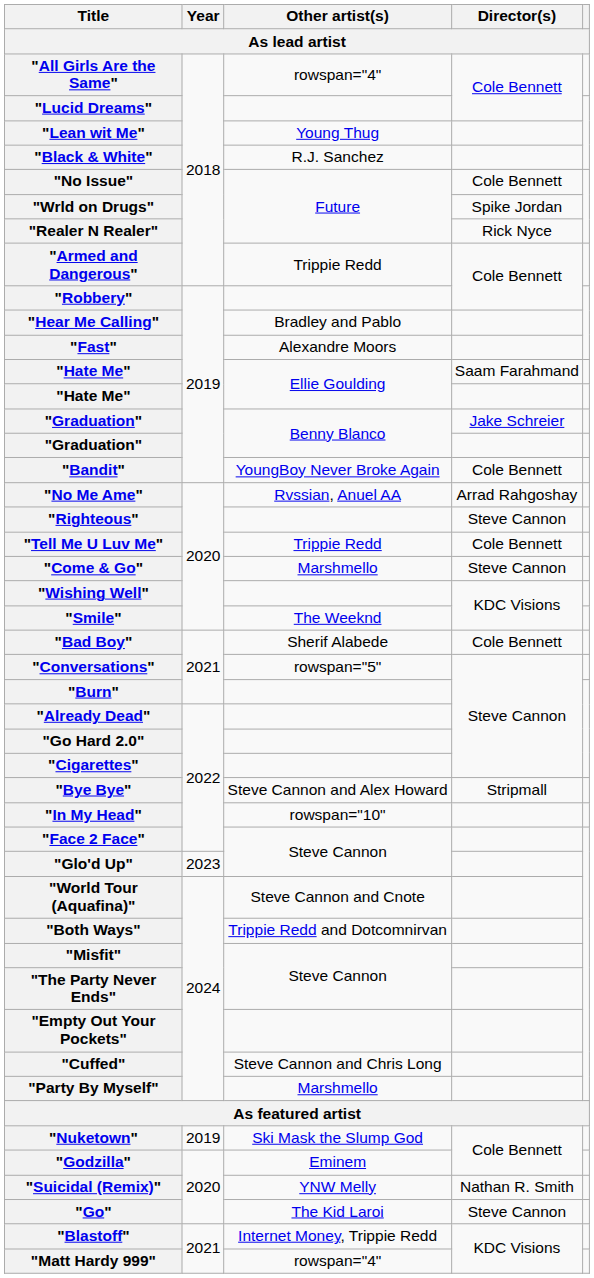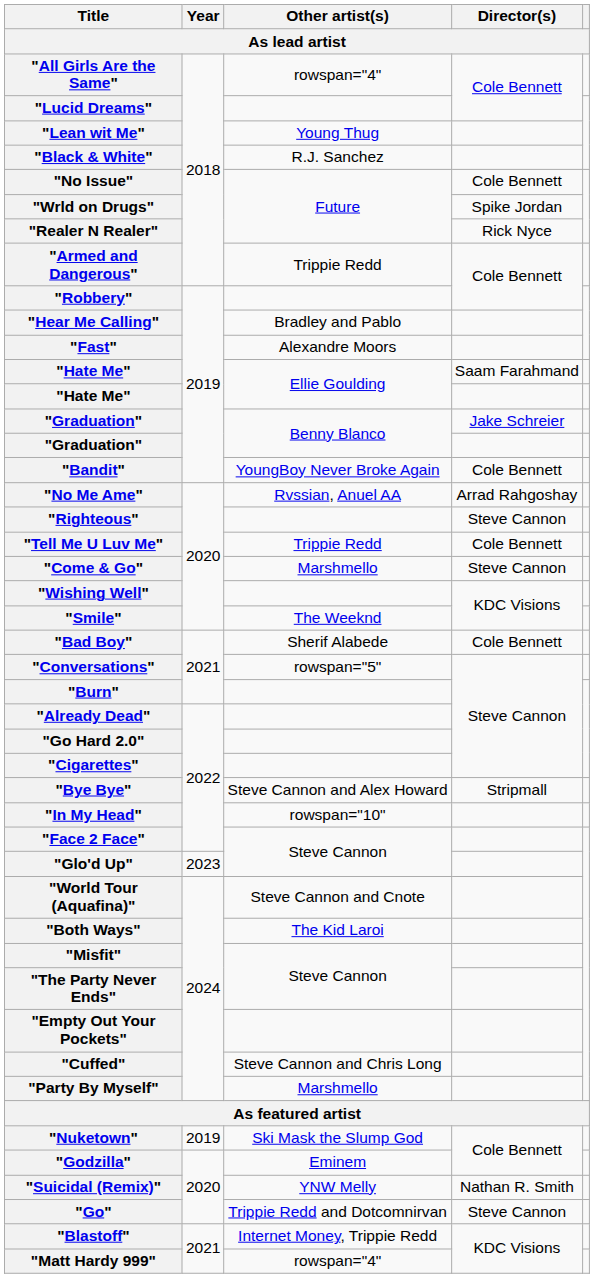 <table class="wikitable plainrowheaders" style="text-align:center;">
 <tr>
 <th scope="col" style="width:11em;">Title</th>
 <th scope="col">Year</th>
 <th scope="col">Other artist(s)</th>
 <th scope="col">Director(s)</th>
 <th scope="col"></th>
 </tr>
 <tr>
 <th scope="col" colspan="5">As lead artist</th>
 </tr>
 <tr>
 <th scope="row">"<a href='#'>All Girls Are the Same</a>"</th>
 <td rowspan="8">2018</td>
 <td>rowspan="4" </td>
 <td rowspan="2"><a href='#'>Cole Bennett</a></td>
 <td></td>
 </tr>
 <tr>
 <th scope="row">"<a href='#'>Lucid Dreams</a>"</th>
 <td></td>
 </tr>
 <tr>
 <th scope="row">"<a href='#'>Lean wit Me</a>"</th>
 <td><a href='#'>Young Thug</a></td>
 <td></td>
 </tr>
 <tr>
 <th scope="row">"<a href='#'>Black & White</a>"</th>
 <td>R.J. Sanchez</td>
 <td></td>
 </tr>
 <tr>
 <th scope="row">"No Issue"</th>
 <td rowspan="3"><a href='#'>Future</a></td>
 <td>Cole Bennett</td>
 <td rowspan="3"></td>
 </tr>
 <tr>
 <th scope="row">"Wrld on Drugs"</th>
 <td>Spike Jordan</td>
 </tr>
 <tr>
 <th scope="row">"Realer N Realer"</th>
 <td>Rick Nyce</td>
 </tr>
 <tr>
 <th scope="row">"<a href='#'>Armed and Dangerous</a>"</th>
 <td>Trippie Redd</td>
 <td rowspan="2">Cole Bennett</td>
 <td></td>
 </tr>
 <tr>
 <th scope="row">"<a href='#'>Robbery</a>"</th>
 <td rowspan="8">2019</td>
 <td></td>
 </tr>
 <tr>
 <th scope="row">"<a href='#'>Hear Me Calling</a>"</th>
 <td>Bradley and Pablo</td>
 <td></td>
 </tr>
 <tr>
 <th scope="row">"<a href='#'>Fast</a>"</th>
 <td>Alexandre Moors</td>
 <td></td>
 </tr>
 <tr>
 <th scope="row">"<a href='#'>Hate Me</a>"</th>
 <td rowspan="2"><a href='#'>Ellie Goulding</a></td>
 <td>Saam Farahmand</td>
 <td></td>
 </tr>
 <tr>
 <th scope="row">"Hate Me" </th>
 <td></td>
 <td></td>
 </tr>
 <tr>
 <th scope="row">"<a href='#'>Graduation</a>"</th>
 <td rowspan="2"><a href='#'>Benny Blanco</a></td>
 <td><a href='#'>Jake Schreier</a></td>
 <td></td>
 </tr>
 <tr>
 <th scope="row">"Graduation" </th>
 <td></td>
 <td></td>
 </tr>
 <tr>
 <th scope="row">"<a href='#'>Bandit</a>"</th>
 <td><a href='#'>YoungBoy Never Broke Again</a></td>
 <td>Cole Bennett</td>
 <td></td>
 </tr>
 <tr>
 <th scope="row">"<a href='#'>No Me Ame</a>"</th>
 <td rowspan="6">2020</td>
 <td><a href='#'>Rvssian</a>, <a href='#'>Anuel AA</a></td>
 <td>Arrad Rahgoshay</td>
 <td></td>
 </tr>
 <tr>
 <th scope="row">"<a href='#'>Righteous</a>"</th>
 <td></td>
 <td>Steve Cannon</td>
 <td></td>
 </tr>
 <tr>
 <th scope="row">"<a href='#'>Tell Me U Luv Me</a>"</th>
 <td><a href='#'>Trippie Redd</a></td>
 <td>Cole Bennett</td>
 <td></td>
 </tr>
 <tr>
 <th scope="row">"<a href='#'>Come & Go</a>"</th>
 <td><a href='#'>Marshmello</a></td>
 <td>Steve Cannon</td>
 <td></td>
 </tr>
 <tr>
 <th scope="row">"<a href='#'>Wishing Well</a>"</th>
 <td></td>
 <td rowspan="2">KDC Visions</td>
 <td></td>
 </tr>
 <tr>
 <th scope="row">"<a href='#'>Smile</a>"</th>
 <td><a href='#'>The Weeknd</a></td>
 <td></td>
 </tr>
 <tr>
 <th scope="row">"<a href='#'>Bad Boy</a>"</th>
 <td rowspan="3">2021</td>
 <td>Sherif Alabede</td>
 <td>Cole Bennett</td>
 <td></td>
 </tr>
 <tr>
 <th scope="row">"<a href='#'>Conversations</a>"</th>
 <td>rowspan="5" </td>
 <td rowspan="5">Steve Cannon</td>
 <td></td>
 </tr>
 <tr>
 <th scope="row">"<a href='#'>Burn</a>"</th>
 <td></td>
 </tr>
 <tr>
 <th scope="row">"<a href='#'>Already Dead</a>"</th>
 <td rowspan="6">2022</td>
 <td></td>
 </tr>
 <tr>
 <th scope="row">"Go Hard 2.0"</th>
 <td></td>
 </tr>
 <tr>
 <th scope="row">"<a href='#'>Cigarettes</a>"</th>
 <td></td>
 </tr>
 <tr>
 <th scope="Row">"<a href='#'>Bye Bye</a>"</th>
 <td>Steve Cannon and Alex Howard</td>
 <td>Stripmall</td>
 <td></td>
 </tr>
 <tr>
 <th scope="row">"<a href='#'>In My Head</a>"</th>
 <td>rowspan="10" </td>
 <td></td>
 <td></td>
 </tr>
 <tr>
 <th scope="row">"<a href='#'>Face 2 Face</a>"</th>
 <td rowspan="2">Steve Cannon</td>
 <td></td>
 </tr>
 <tr>
 <th scope="row">"Glo'd Up"</th>
 <td>2023</td>
 <td></td>
 </tr>
 <tr>
 <th scope="row">"World Tour (Aquafina)"</th>
 <td rowspan="7">2024</td>
 <td>Steve Cannon and Cnote</td>
 <td></td>
 </tr>
 <tr>
 <th scope="row">"Both Ways"</th>
-<td><a href='#'>Trippie Redd</a> and Dotcomnirvan</td>
+<td><a href='#'>The Kid Laroi</a></td>
 <td></td>
 </tr>
 <tr>
 <th scope="row">"Misfit"</th>
 <td rowspan="2">Steve Cannon</td>
 <td></td>
 </tr>
 <tr>
 <th scope="row">"The Party Never Ends"</th>
 <td></td>
 </tr>
 <tr>
 <th scope="row">"Empty Out Your Pockets"</th>
 <td></td>
 <td></td>
 </tr>
 <tr>
 <th scope="row">"Cuffed"</th>
 <td>Steve Cannon and Chris Long</td>
 <td></td>
 </tr>
 <tr>
 <th scope="row">"Party By Myself"</th>
 <td><a href='#'>Marshmello</a></td>
 <td></td>
 </tr>
 <tr>
 <th scope="col" colspan="5">As featured artist</th>
 </tr>
 <tr>
 <th scope="row">"<a href='#'>Nuketown</a>"</th>
 <td>2019</td>
 <td><a href='#'>Ski Mask the Slump God</a></td>
 <td rowspan="2">Cole Bennett</td>
 <td></td>
 </tr>
 <tr>
 <th scope="row">"<a href='#'>Godzilla</a>"</th>
 <td rowspan="3">2020</td>
 <td><a href='#'>Eminem</a></td>
 <td></td>
 </tr>
 <tr>
 <th scope="row">"<a href='#'>Suicidal (Remix)</a>"</th>
 <td><a href='#'>YNW Melly</a></td>
 <td>Nathan R. Smith</td>
 <td></td>
 </tr>
 <tr>
 <th scope="row">"<a href='#'>Go</a>"</th>
-<td><a href='#'>The Kid Laroi</a></td>
+<td><a href='#'>Trippie Redd</a> and Dotcomnirvan</td>
 <td>Steve Cannon</td>
 <td></td>
 </tr>
 <tr>
 <th scope="row">"<a href='#'>Blastoff</a>"</th>
 <td rowspan="2">2021</td>
 <td><a href='#'>Internet Money</a>, Trippie Redd</td>
 <td rowspan="2">KDC Visions</td>
 <td></td>
 </tr>
 <tr>
 <th scope="row">"Matt Hardy 999"</th>
 <td>rowspan="4" </td>
 <td></td>
 </tr>
 </table>
